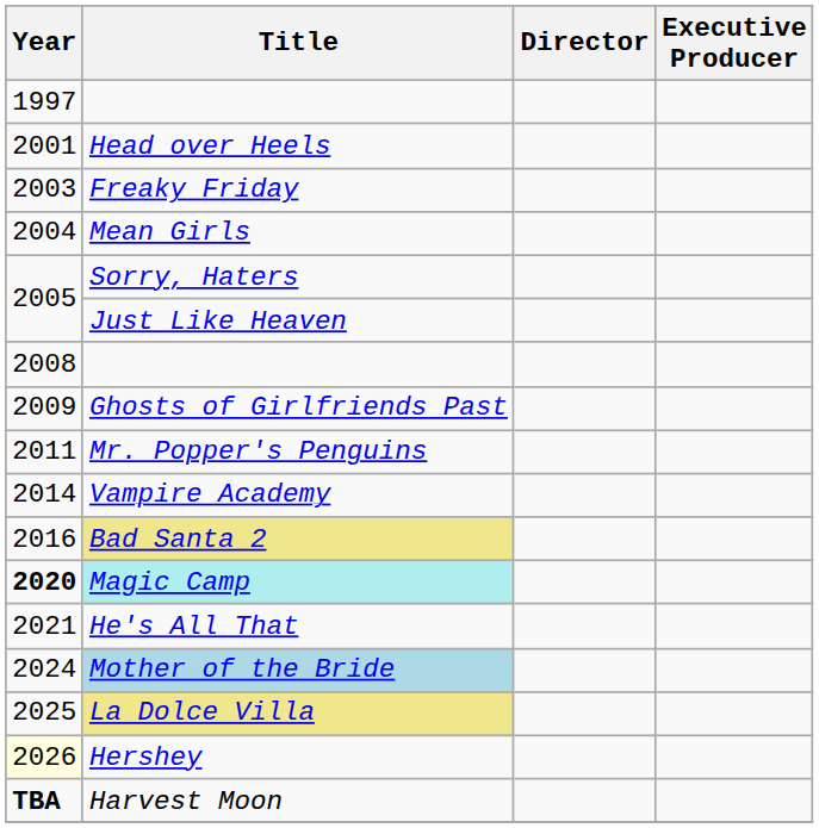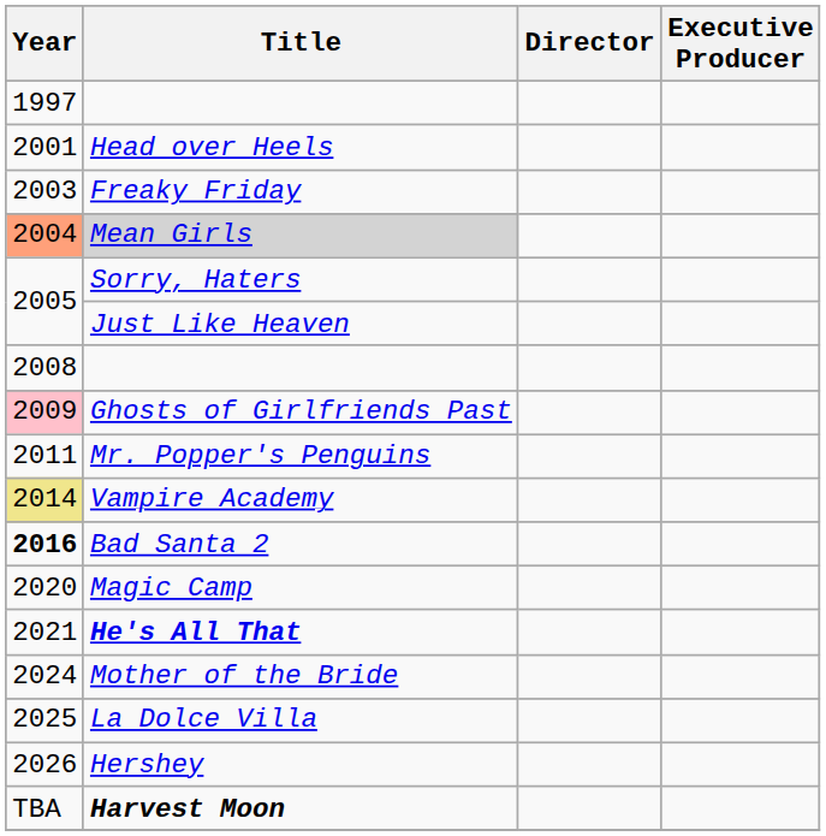 <table class = "wikitable">
 <tr>
 <th>Year</th>
 <th>Title</th>
 <th>Director</th>
 <th>Executive<br>Producer</th>
 </tr>
 <tr>
 <td>1997</td>
 <td><em></em></td>
 <td></td>
 <td></td>
 </tr>
 <tr>
 <td>2001</td>
 <td><em><a href='#'>Head over Heels</a></em></td>
 <td></td>
 <td></td>
 </tr>
 <tr>
 <td>2003</td>
 <td><em><a href='#'>Freaky Friday</a></em></td>
 <td></td>
 <td></td>
 </tr>
 <tr>
-<td>2004</td>
-<td><em><a href='#'>Mean Girls</a></em></td>
+<td style="background: lightsalmon;">2004</td>
+<td style="background: lightgrey;"><em><a href='#'>Mean Girls</a></em></td>
 <td></td>
 <td></td>
 </tr>
 <tr>
 <td rowspan="2">2005</td>
 <td><em><a href='#'>Sorry, Haters</a></em></td>
 <td></td>
 <td></td>
 </tr>
 <tr>
 <td><em><a href='#'>Just Like Heaven</a></em></td>
 <td></td>
 <td></td>
 </tr>
 <tr>
 <td>2008</td>
 <td><em></em></td>
 <td></td>
 <td></td>
 </tr>
 <tr>
-<td>2009</td>
+<td style="background: pink;">2009</td>
 <td><em><a href='#'>Ghosts of Girlfriends Past</a></em></td>
 <td></td>
 <td></td>
 </tr>
 <tr>
 <td>2011</td>
 <td><em><a href='#'>Mr. Popper's Penguins</a></em></td>
 <td></td>
 <td></td>
 </tr>
 <tr>
-<td>2014</td>
+<td style="background: khaki;">2014</td>
 <td><em><a href='#'>Vampire Academy</a></em></td>
 <td></td>
 <td></td>
 </tr>
 <tr>
-<td>2016</td>
-<td style="background: khaki;"><em><a href='#'>Bad Santa 2</a></em></td>
+<td><strong>2016</strong></td>
+<td><em><a href='#'>Bad Santa 2</a></em></td>
 <td></td>
 <td></td>
 </tr>
 <tr>
-<td><strong>2020</strong></td>
-<td style="background: paleturquoise;"><em><a href='#'>Magic Camp</a></em></td>
+<td>2020</td>
+<td><em><a href='#'>Magic Camp</a></em></td>
 <td></td>
 <td></td>
 </tr>
 <tr>
 <td>2021</td>
-<td><em><a href='#'>He's All That</a></em></td>
+<td><strong><em><a href='#'>He's All That</a></em></strong></td>
 <td></td>
 <td></td>
 </tr>
 <tr>
 <td>2024</td>
-<td style="background: lightblue;"><em><a href='#'>Mother of the Bride</a></em></td>
+<td><em><a href='#'>Mother of the Bride</a></em></td>
 <td></td>
 <td></td>
 </tr>
 <tr>
 <td>2025</td>
-<td style="background: khaki;"><em><a href='#'>La Dolce Villa</a></em></td>
+<td><em><a href='#'>La Dolce Villa</a></em></td>
 <td></td>
 <td></td>
 </tr>
 <tr>
-<td style="background: lightyellow;">2026</td>
+<td>2026</td>
 <td><em><a href='#'>Hershey</a></em> </td>
 <td></td>
 <td></td>
 </tr>
 <tr>
-<td><strong>TBA</strong></td>
-<td><em>Harvest Moon</em></td>
+<td>TBA</td>
+<td><strong><em>Harvest Moon</em></strong></td>
 <td></td>
 <td></td>
 </tr>
 <tr>
 </tr>
 </table>
